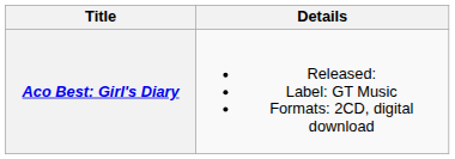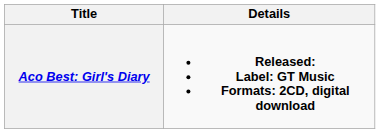 <table class="wikitable plainrowheaders" style="text-align:center;">
 <tr>
 <th scope="col" style="width:12em;">Title</th>
 <th scope="col" style="width:16em;">Details</th>
 </tr>
 <tr>
 <th scope="row"><em><a href='#'>Aco Best: Girl's Diary</a></em></th>
-<td><br><ul><li>Released: </li><li>Label: GT Music</li><li>Formats: 2CD, digital download</li></ul></td>
+<td><strong><br><ul><li>Released: </li><li>Label: GT Music</li><li>Formats: 2CD, digital download</li></ul></strong></td>
 </tr>
 </table>
